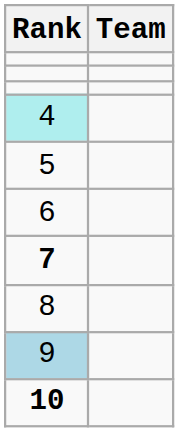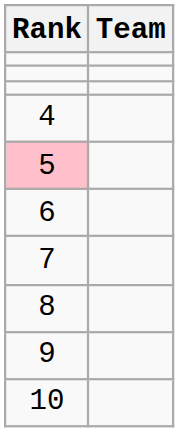 <table class="wikitable" border="1">
 <tr>
 <th>Rank</th>
 <th>Team</th>
 </tr>
 <tr>
 <td align=center></td>
 <td></td>
 </tr>
 <tr>
 <td align=center></td>
 <td></td>
 </tr>
 <tr>
 <td align=center></td>
 <td></td>
 </tr>
 <tr>
-<td align=center style="background: paleturquoise;">4</td>
+<td align=center>4</td>
 <td></td>
 </tr>
 <tr>
-<td align=center>5</td>
+<td align=center style="background: pink;">5</td>
 <td></td>
 </tr>
 <tr>
 <td align=center>6</td>
 <td></td>
 </tr>
 <tr>
-<td align=center><strong>7</strong></td>
+<td align=center>7</td>
 <td></td>
 </tr>
 <tr>
 <td align=center>8</td>
 <td></td>
 </tr>
 <tr>
-<td align=center style="background: lightblue;">9</td>
+<td align=center>9</td>
 <td></td>
 </tr>
 <tr>
-<td align=center><strong>10</strong></td>
+<td align=center>10</td>
 <td></td>
 </tr>
 </table>
